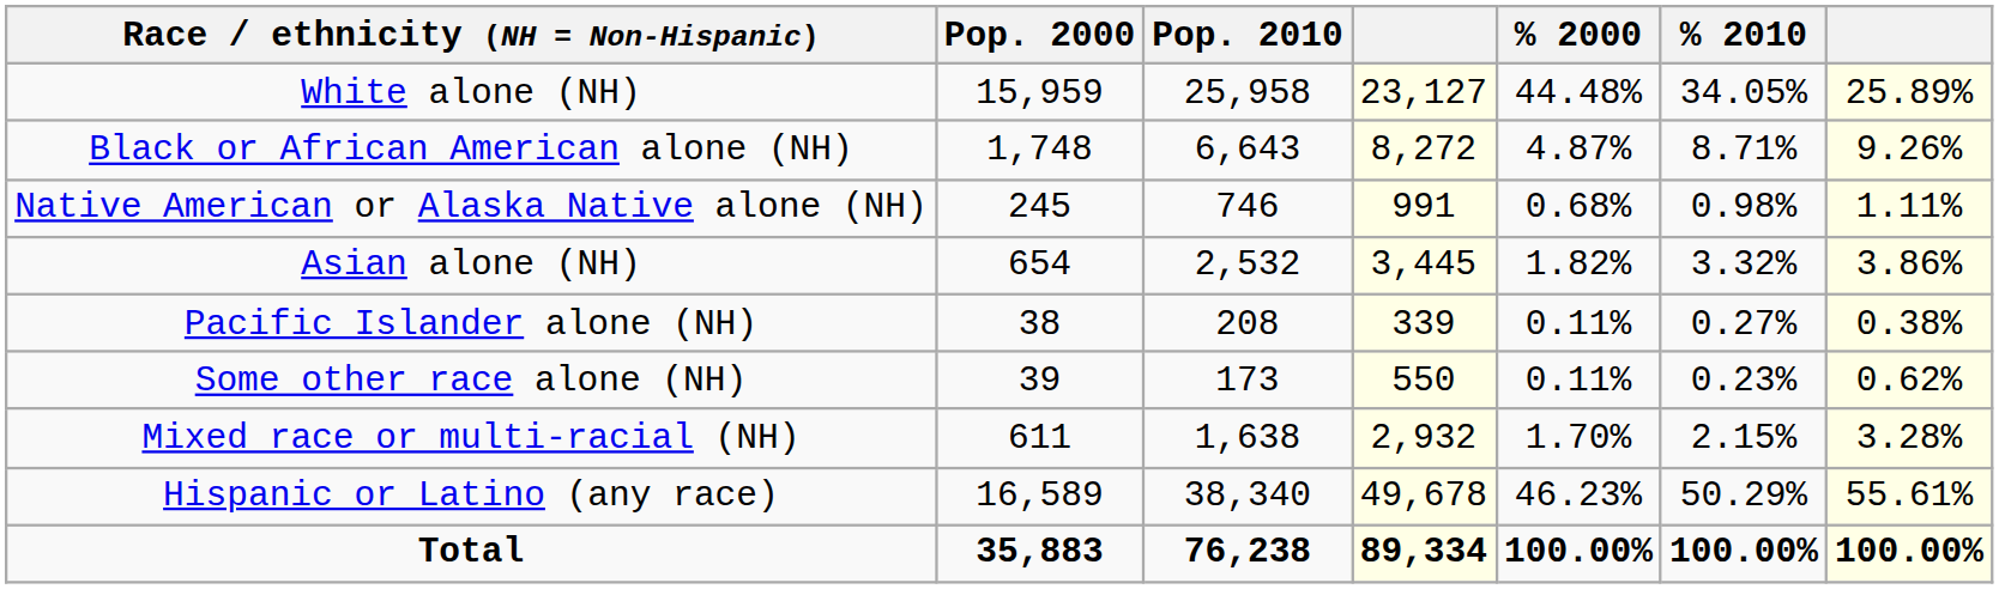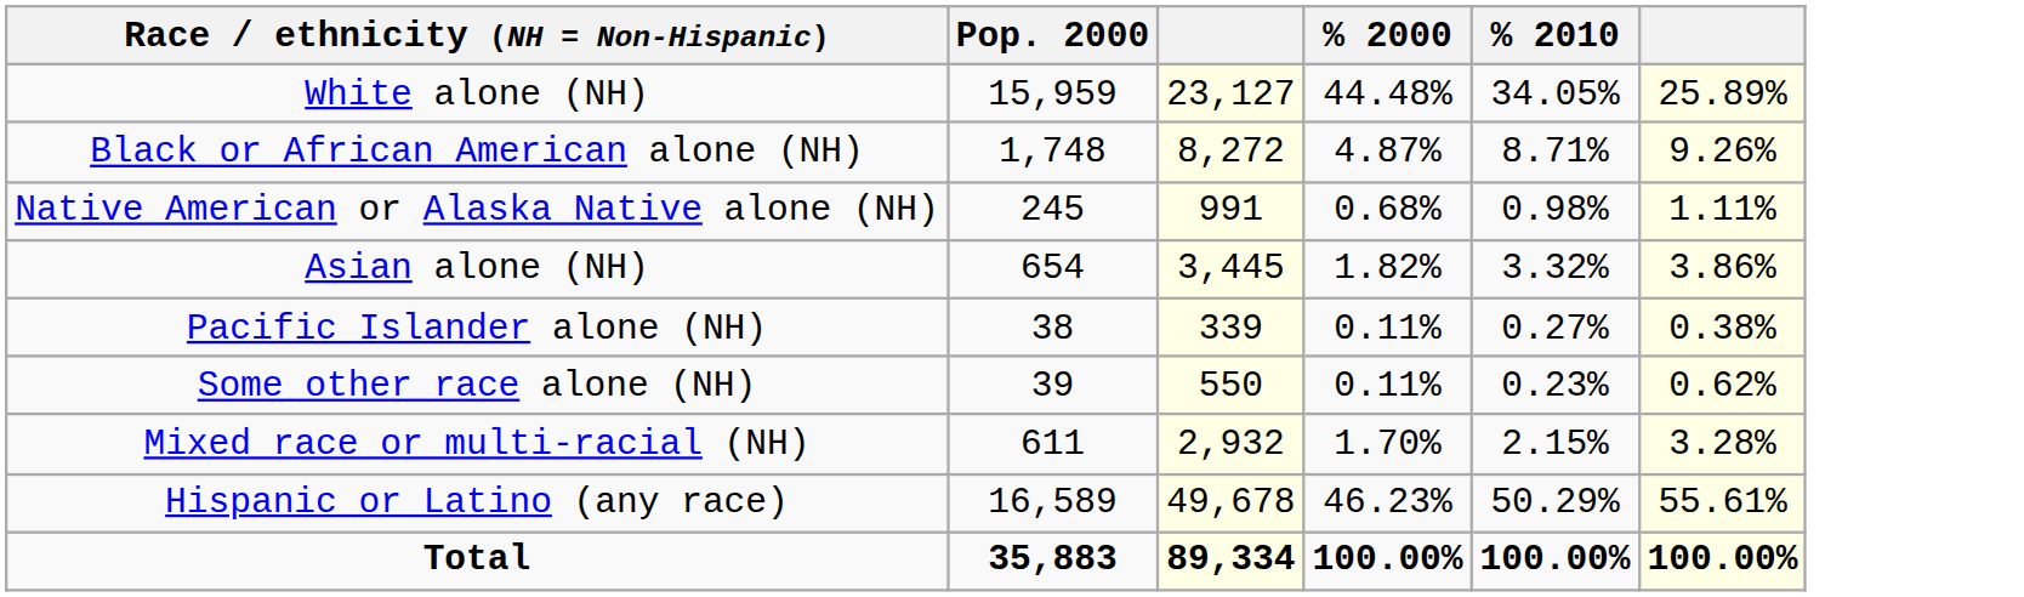 <table class="wikitable" style="text-align:center;">
 <tr>
 <th>Race / ethnicity <small>(<em>NH = Non-Hispanic</em>)</small></th>
 <th>Pop. 2000</th>
-<th>Pop. 2010</th>
 <th></th>
 <th>% 2000</th>
 <th>% 2010</th>
 <th></th>
 </tr>
 <tr>
 <td><a href='#'>White</a> alone (NH)</td>
 <td>15,959</td>
-<td>25,958</td>
 <td style='background: #ffffe6;'>23,127</td>
 <td>44.48%</td>
 <td>34.05%</td>
 <td style='background: #ffffe6;'>25.89%</td>
 </tr>
 <tr>
 <td><a href='#'>Black or African American</a> alone (NH)</td>
 <td>1,748</td>
-<td>6,643</td>
 <td style='background: #ffffe6;'>8,272</td>
 <td>4.87%</td>
 <td>8.71%</td>
 <td style='background: #ffffe6;'>9.26%</td>
 </tr>
 <tr>
 <td><a href='#'>Native American</a> or <a href='#'>Alaska Native</a> alone (NH)</td>
 <td>245</td>
-<td>746</td>
 <td style='background: #ffffe6;'>991</td>
 <td>0.68%</td>
 <td>0.98%</td>
 <td style='background: #ffffe6;'>1.11%</td>
 </tr>
 <tr>
 <td><a href='#'>Asian</a> alone (NH)</td>
 <td>654</td>
-<td>2,532</td>
 <td style='background: #ffffe6;'>3,445</td>
 <td>1.82%</td>
 <td>3.32%</td>
 <td style='background: #ffffe6;'>3.86%</td>
 </tr>
 <tr>
 <td><a href='#'>Pacific Islander</a> alone (NH)</td>
 <td>38</td>
-<td>208</td>
 <td style='background: #ffffe6;'>339</td>
 <td>0.11%</td>
 <td>0.27%</td>
 <td style='background: #ffffe6;'>0.38%</td>
 </tr>
 <tr>
 <td><a href='#'>Some other race</a> alone (NH)</td>
 <td>39</td>
-<td>173</td>
 <td style='background: #ffffe6;'>550</td>
 <td>0.11%</td>
 <td>0.23%</td>
 <td style='background: #ffffe6;'>0.62%</td>
 </tr>
 <tr>
 <td><a href='#'>Mixed race or multi-racial</a> (NH)</td>
 <td>611</td>
-<td>1,638</td>
 <td style='background: #ffffe6;'>2,932</td>
 <td>1.70%</td>
 <td>2.15%</td>
 <td style='background: #ffffe6;'>3.28%</td>
 </tr>
 <tr>
 <td><a href='#'>Hispanic or Latino</a> (any race)</td>
 <td>16,589</td>
-<td>38,340</td>
 <td style='background: #ffffe6;'>49,678</td>
 <td>46.23%</td>
 <td>50.29%</td>
 <td style='background: #ffffe6;'>55.61%</td>
 </tr>
 <tr>
 <td><strong>Total</strong></td>
 <td><strong>35,883</strong></td>
-<td><strong>76,238</strong></td>
 <td style='background: #ffffe6;'><strong>89,334</strong></td>
 <td><strong>100.00%</strong></td>
 <td><strong>100.00%</strong></td>
 <td style='background: #ffffe6;'><strong>100.00%</strong></td>
 </tr>
 </table>
